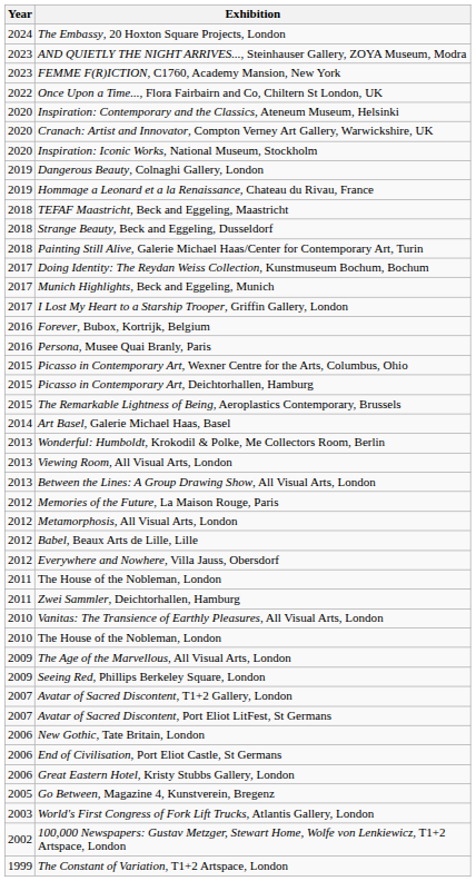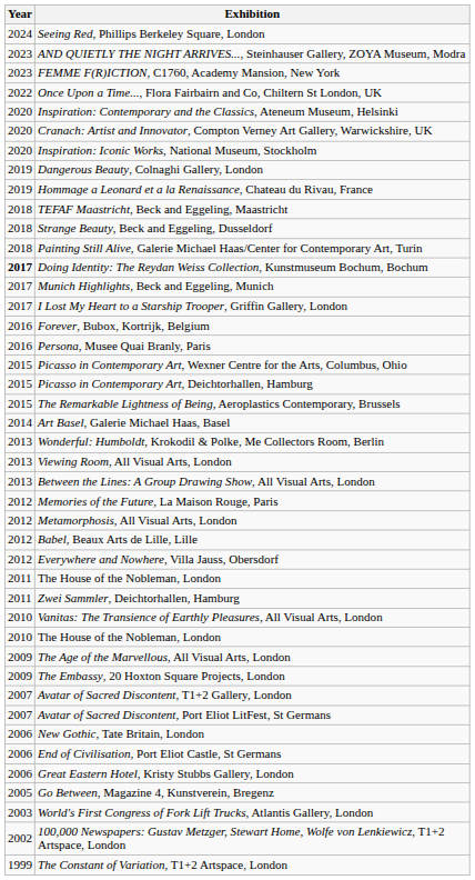 <table class="wikitable">
 <tr>
 <th>Year</th>
 <th>Exhibition</th>
 </tr>
 <tr>
 <td>2024</td>
-<td><em>The Embassy</em>, 20 Hoxton Square Projects, London</td>
+<td><em>Seeing Red</em>, Phillips Berkeley Square, London</td>
 </tr>
 <tr>
 <td>2023</td>
 <td><em>AND QUIETLY THE NIGHT ARRIVES...</em>, Steinhauser Gallery, ZOYA Museum, Modra</td>
 </tr>
 <tr>
 <td>2023</td>
 <td><em>FEMME F(R)ICTION</em>, C1760, Academy Mansion, New York</td>
 </tr>
 <tr>
 <td>2022</td>
 <td><em>Once Upon a Time...</em>, Flora Fairbairn and Co, Chiltern St London, UK</td>
 </tr>
 <tr>
 <td>2020</td>
 <td><em>Inspiration: Contemporary and the Classics</em>, Ateneum Museum, Helsinki</td>
 </tr>
 <tr>
 <td>2020</td>
 <td><em>Cranach: Artist and Innovator</em>, Compton Verney Art Gallery, Warwickshire, UK</td>
 </tr>
 <tr>
 <td>2020</td>
 <td><em>Inspiration: Iconic Works</em>, National Museum, Stockholm</td>
 </tr>
 <tr>
 <td>2019</td>
 <td><em>Dangerous Beauty</em>, Colnaghi Gallery, London</td>
 </tr>
 <tr>
 <td>2019</td>
 <td><em>Hommage a Leonard et a la Renaissance</em>, Chateau du Rivau, France</td>
 </tr>
 <tr>
 <td>2018</td>
 <td><em>TEFAF Maastricht</em>, Beck and Eggeling, Maastricht</td>
 </tr>
 <tr>
 <td>2018</td>
 <td><em>Strange Beauty</em>, Beck and Eggeling, Dusseldorf</td>
 </tr>
 <tr>
 <td>2018</td>
 <td><em>Painting Still Alive</em>, Galerie Michael Haas/Center for Contemporary Art, Turin</td>
 </tr>
 <tr>
-<td>2017</td>
+<td><strong>2017</strong></td>
 <td><em>Doing Identity: The Reydan Weiss Collection</em>, Kunstmuseum Bochum, Bochum</td>
 </tr>
 <tr>
 <td>2017</td>
 <td><em>Munich Highlights</em>, Beck and Eggeling, Munich</td>
 </tr>
 <tr>
 <td>2017</td>
 <td><em>I Lost My Heart to a Starship Trooper</em>, Griffin Gallery, London</td>
 </tr>
 <tr>
 <td>2016</td>
 <td><em>Forever</em>, Bubox, Kortrijk, Belgium</td>
 </tr>
 <tr>
 <td>2016</td>
 <td><em>Persona</em>, Musee Quai Branly, Paris</td>
 </tr>
 <tr>
 <td>2015</td>
 <td><em>Picasso in Contemporary Art</em>, Wexner Centre for the Arts, Columbus, Ohio</td>
 </tr>
 <tr>
 <td>2015</td>
 <td><em>Picasso in Contemporary Art</em>, Deichtorhallen, Hamburg</td>
 </tr>
 <tr>
 <td>2015</td>
 <td><em>The Remarkable Lightness of Being</em>, Aeroplastics Contemporary, Brussels</td>
 </tr>
 <tr>
 <td>2014</td>
 <td><em>Art Basel</em>, Galerie Michael Haas, Basel</td>
 </tr>
 <tr>
 <td>2013</td>
 <td><em>Wonderful: Humboldt</em>, Krokodil & Polke, Me Collectors Room, Berlin</td>
 </tr>
 <tr>
 <td>2013</td>
 <td><em>Viewing Room</em>, All Visual Arts, London</td>
 </tr>
 <tr>
 <td>2013</td>
 <td><em>Between the Lines: A Group Drawing Show</em>, All Visual Arts, London</td>
 </tr>
 <tr>
 <td>2012</td>
 <td><em>Memories of the Future</em>, La Maison Rouge, Paris</td>
 </tr>
 <tr>
 <td>2012</td>
 <td><em>Metamorphosis</em>, All Visual Arts, London</td>
 </tr>
 <tr>
 <td>2012</td>
 <td><em>Babel</em>, Beaux Arts de Lille, Lille</td>
 </tr>
 <tr>
 <td>2012</td>
 <td><em>Everywhere and Nowhere</em>, Villa Jauss, Obersdorf</td>
 </tr>
 <tr>
 <td>2011</td>
 <td>The House of the Nobleman, London</td>
 </tr>
 <tr>
 <td>2011</td>
 <td><em>Zwei Sammler</em>, Deichtorhallen, Hamburg</td>
 </tr>
 <tr>
 <td>2010</td>
 <td><em>Vanitas: The Transience of Earthly Pleasures</em>, All Visual Arts, London</td>
 </tr>
 <tr>
 <td>2010</td>
 <td>The House of the Nobleman, London</td>
 </tr>
 <tr>
 <td>2009</td>
 <td><em>The Age of the Marvellous</em>, All Visual Arts, London</td>
 </tr>
 <tr>
 <td>2009</td>
-<td><em>Seeing Red</em>, Phillips Berkeley Square, London</td>
+<td><em>The Embassy</em>, 20 Hoxton Square Projects, London</td>
 </tr>
 <tr>
 <td>2007</td>
 <td><em>Avatar of Sacred Discontent</em>, T1+2 Gallery, London</td>
 </tr>
 <tr>
 <td>2007</td>
 <td><em>Avatar of Sacred Discontent</em>, Port Eliot LitFest, St Germans</td>
 </tr>
 <tr>
 <td>2006</td>
 <td><em>New Gothic</em>, Tate Britain, London</td>
 </tr>
 <tr>
 <td>2006</td>
 <td><em>End of Civilisation</em>, Port Eliot Castle, St Germans</td>
 </tr>
 <tr>
 <td>2006</td>
 <td><em>Great Eastern Hotel</em>, Kristy Stubbs Gallery, London</td>
 </tr>
 <tr>
 <td>2005</td>
 <td><em>Go Between</em>, Magazine 4, Kunstverein, Bregenz</td>
 </tr>
 <tr>
 <td>2003</td>
 <td><em>World's First Congress of Fork Lift Trucks</em>, Atlantis Gallery, London</td>
 </tr>
 <tr>
 <td>2002</td>
 <td><em>100,000 Newspapers: Gustav Metzger, Stewart Home, Wolfe von Lenkiewicz</em>, T1+2 Artspace, London</td>
 </tr>
 <tr>
 <td>1999</td>
 <td><em>The Constant of Variation</em>, T1+2 Artspace, London</td>
 </tr>
 </table>
